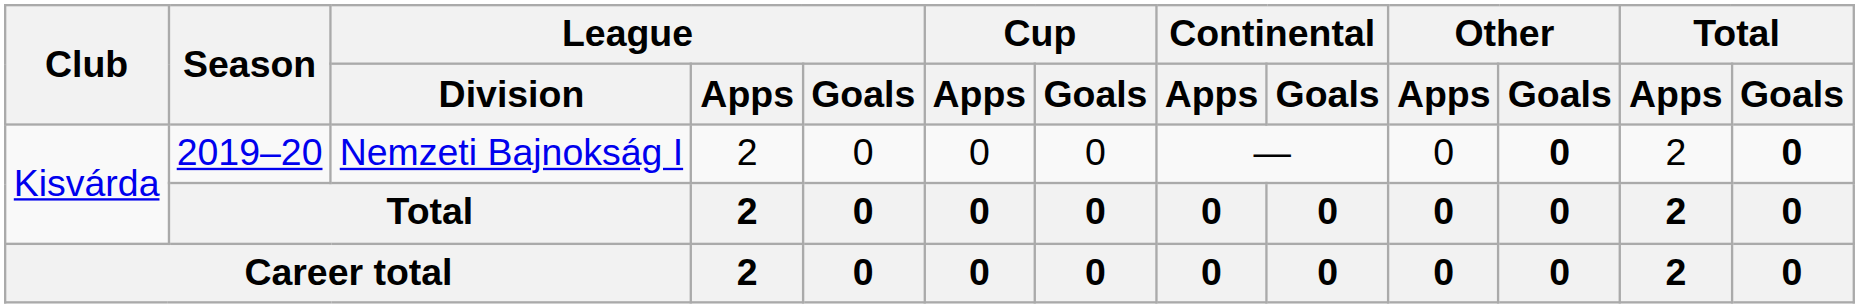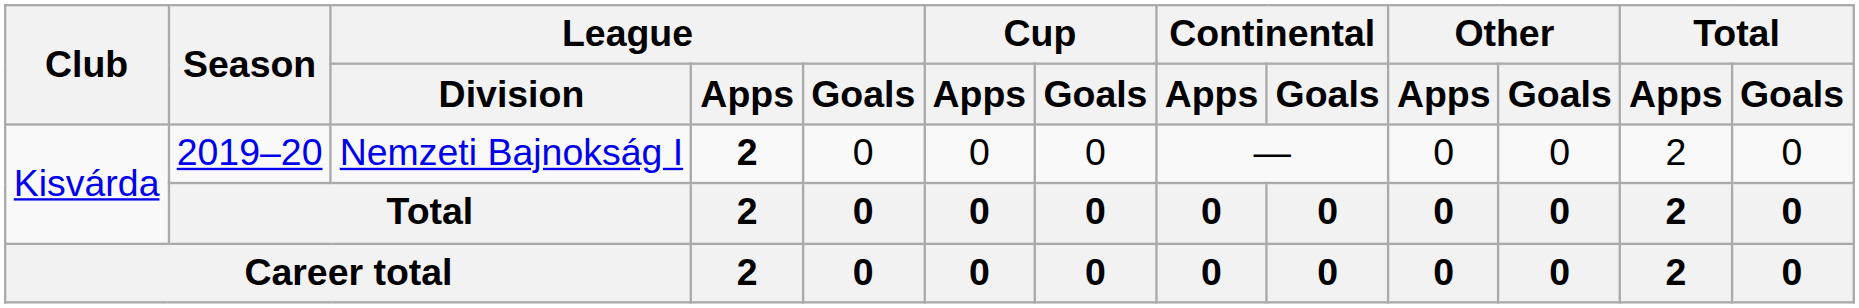 <table class="wikitable" style="text-align:center">
 <tr>
 <th rowspan="2">Club</th>
 <th rowspan="2">Season</th>
 <th colspan="3">League</th>
 <th colspan="2">Cup</th>
 <th colspan="2">Continental</th>
 <th colspan="2">Other</th>
 <th colspan="2">Total</th>
 </tr>
 <tr>
 <th>Division</th>
 <th>Apps</th>
 <th>Goals</th>
 <th>Apps</th>
 <th>Goals</th>
 <th>Apps</th>
 <th>Goals</th>
 <th>Apps</th>
 <th>Goals</th>
 <th>Apps</th>
 <th>Goals</th>
 </tr>
 <tr>
 <td rowspan="2"><a href='#'>Kisvárda</a></td>
 <td><a href='#'>2019–20</a></td>
 <td rowspan="1"><a href='#'>Nemzeti Bajnokság I</a></td>
-<td>2</td>
+<td><strong>2</strong></td>
 <td>0</td>
 <td>0</td>
 <td>0</td>
 <td colspan="2">—</td>
 <td>0</td>
-<td><strong>0</strong></td>
+<td>0</td>
 <td>2</td>
-<td><strong>0</strong></td>
+<td>0</td>
 </tr>
 <tr>
 <th colspan="2">Total</th>
 <th>2</th>
 <th>0</th>
 <th>0</th>
 <th>0</th>
 <th>0</th>
 <th>0</th>
 <th>0</th>
 <th>0</th>
 <th>2</th>
 <th>0</th>
 </tr>
 <tr>
 <th colspan="3">Career total</th>
 <th>2</th>
 <th>0</th>
 <th>0</th>
 <th>0</th>
 <th>0</th>
 <th>0</th>
 <th>0</th>
 <th>0</th>
 <th>2</th>
 <th>0</th>
 </tr>
 </table>
